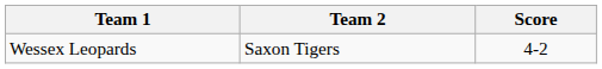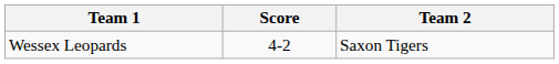 <table class="wikitable" style="text-align:centre;">
 <tr>
 <th width=200>Team 1</th>
+<th width=100>Score</th>
 <th width=200>Team 2</th>
-<th width=100>Score</th>
 </tr>
 <tr>
 <td>Wessex Leopards</td>
+<td align=center>4-2</td>
 <td>Saxon Tigers</td>
-<td align=center>4-2</td>
 </tr>
 </table>
